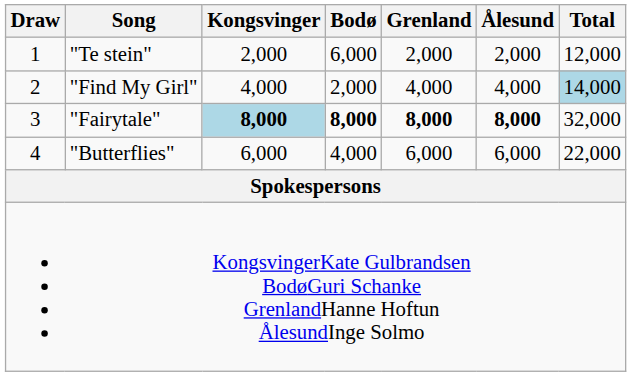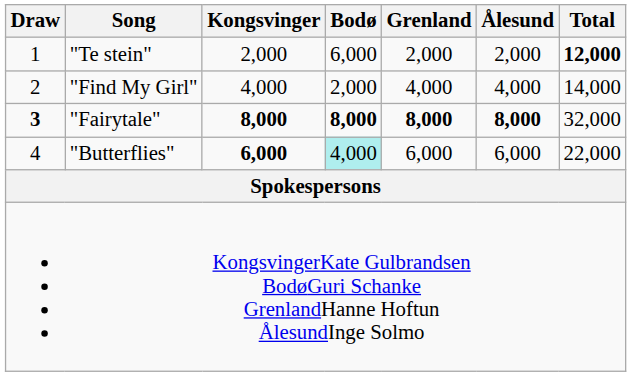 <table class="wikitable collapsible" style="margin: 1em auto 1em auto; text-align:center;">
 <tr>
 <th>Draw</th>
 <th>Song</th>
 <th>Kongsvinger</th>
 <th>Bodø</th>
 <th>Grenland</th>
 <th>Ålesund</th>
 <th>Total</th>
 </tr>
 <tr>
 <td>1</td>
 <td style="text-align:left;">"Te stein"</td>
 <td>2,000</td>
 <td>6,000</td>
 <td>2,000</td>
 <td>2,000</td>
-<td>12,000</td>
+<td><strong>12,000</strong></td>
 </tr>
 <tr>
 <td>2</td>
 <td style="text-align:left;">"Find My Girl"</td>
 <td>4,000</td>
 <td>2,000</td>
 <td>4,000</td>
 <td>4,000</td>
-<td style="background: lightblue;">14,000</td>
+<td>14,000</td>
 </tr>
 <tr>
-<td>3</td>
+<td><strong>3</strong></td>
 <td style="text-align:left;">"Fairytale"</td>
-<td style="background: lightblue;"><strong>8,000</strong></td>
+<td><strong>8,000</strong></td>
 <td><strong>8,000</strong></td>
 <td><strong>8,000</strong></td>
 <td><strong>8,000</strong></td>
 <td>32,000</td>
 </tr>
 <tr>
 <td>4</td>
 <td style="text-align:left;">"Butterflies"</td>
-<td>6,000</td>
-<td>4,000</td>
+<td><strong>6,000</strong></td>
+<td style="background: paleturquoise;">4,000</td>
 <td>6,000</td>
 <td>6,000</td>
 <td>22,000</td>
 </tr>
 <tr>
 <th colspan="7">Spokespersons</th>
 </tr>
 <tr>
 <td colspan="7"><br><ul><li><a href='#'>Kongsvinger</a><a href='#'>Kate Gulbrandsen</a></li><li><a href='#'>Bodø</a><a href='#'>Guri Schanke</a></li><li><a href='#'>Grenland</a>Hanne Hoftun</li><li><a href='#'>Ålesund</a>Inge Solmo</li></ul></td>
 </tr>
 </table>
